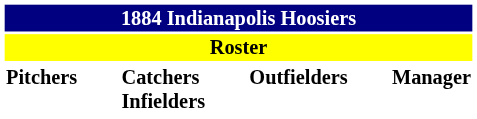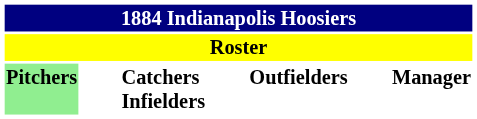 <table class="toccolours" style="font-size: 95%;">
 <tr>
 <th colspan="10" style="background-color: navy; color: white; text-align: center;">1884 Indianapolis Hoosiers</th>
 </tr>
 <tr>
 <td colspan="10" style="background-color: yellow; color: black; text-align: center;"><strong>Roster</strong></td>
 </tr>
 <tr>
-<td valign="top"><strong>Pitchers</strong><br>     </td>
+<td valign="top" style="background: lightgreen;"><strong>Pitchers</strong><br>     </td>
 <td width="25px"></td>
 <td valign="top"><strong>Catchers</strong><br>       <strong>Infielders</strong>         </td>
 <td width="25px"></td>
 <td valign="top"><strong>Outfielders</strong><br>            </td>
 <td width="25px"></td>
 <td valign="top"><strong>Manager</strong><br> </td>
 </tr>
 <tr>
 </tr>
 </table>
